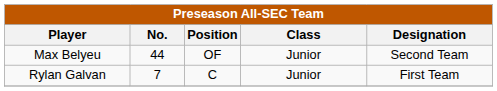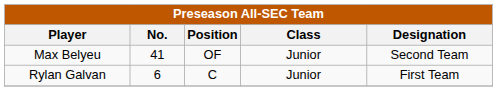 <table class="wikitable" style="text-align:center">
 <tr>
 <td colspan="5" style= "background: #BF5700; color:white"><strong>Preseason All-SEC Team</strong></td>
 </tr>
 <tr>
 <th style="width:150px; ">Player</th>
 <th style="width:60px; ">No.</th>
 <th style="width:60px; ">Position</th>
 <th style="width:150px; ">Class</th>
 <th style="width:150px; ">Designation</th>
 </tr>
 <tr>
 <td>Max Belyeu</td>
-<td>44</td>
+<td>41</td>
 <td>OF</td>
 <td>Junior</td>
 <td>Second Team</td>
 </tr>
 <tr>
 <td>Rylan Galvan</td>
-<td>7</td>
+<td>6</td>
 <td>C</td>
 <td>Junior</td>
 <td>First Team</td>
 </tr>
 <tr>
 </tr>
 </table>
